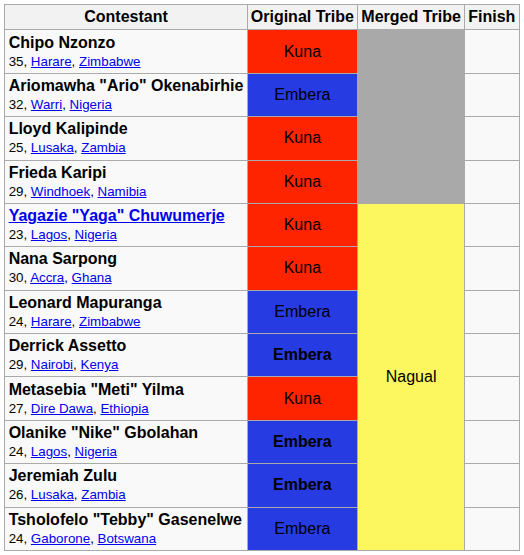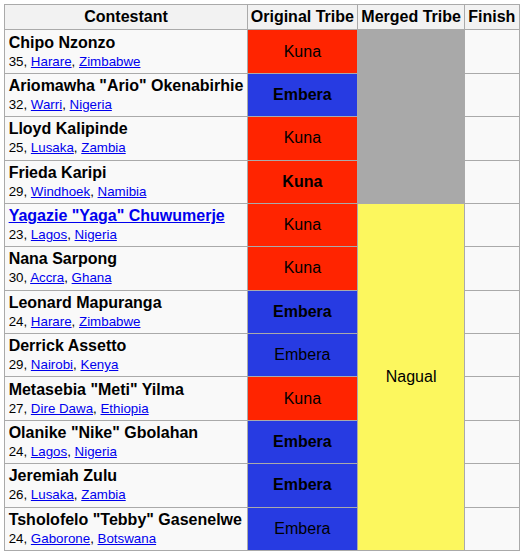 <table class="wikitable sortable" style="margin:auto; text-align:center">
 <tr>
 <th>Contestant</th>
 <th>Original Tribe</th>
 <th>Merged Tribe</th>
 <th>Finish</th>
 </tr>
 <tr>
 <td align="left"><strong>Chipo Nzonzo</strong><br><small>35, <a href='#'>Harare</a>, <a href='#'>Zimbabwe</a></small></td>
 <td bgcolor="#FF2400" align=center><span>Kuna</span></td>
 <td rowspan="4" bgcolor="darkgray"></td>
 <td></td>
 </tr>
 <tr>
 <td align="left"><strong>Ariomawha "Ario" Okenabirhie</strong><br><small>32, <a href='#'>Warri</a>, <a href='#'>Nigeria</a></small></td>
-<td bgcolor="#273BE2" align=center><span>Embera</span></td>
+<td bgcolor="#273BE2" align=center><strong><span>Embera</span></strong></td>
 <td></td>
 </tr>
 <tr>
 <td align="left"><strong>Lloyd Kalipinde</strong><br><small>25, <a href='#'>Lusaka</a>, <a href='#'>Zambia</a></small></td>
 <td bgcolor="#FF2400"><span>Kuna</span></td>
 <td></td>
 </tr>
 <tr>
 <td align="left"><strong>Frieda Karipi</strong><br><small>29, <a href='#'>Windhoek</a>, <a href='#'>Namibia</a></small></td>
-<td bgcolor="#FF2400" align=center><span>Kuna</span></td>
+<td bgcolor="#FF2400" align=center><strong><span>Kuna</span></strong></td>
 <td></td>
 </tr>
 <tr>
 <td align="left"><strong><a href='#'>Yagazie "Yaga" Chuwumerje</a></strong><br><small>23, <a href='#'>Lagos</a>, <a href='#'>Nigeria</a></small></td>
 <td bgcolor="#FF2400" align=center><span>Kuna</span></td>
 <td align=center bgcolor="#FCF75E" rowspan=8>Nagual</td>
 <td></td>
 </tr>
 <tr>
 <td align="left"><strong>Nana Sarpong</strong><br><small>30, <a href='#'>Accra</a>, <a href='#'>Ghana</a></small></td>
 <td bgcolor="#FF2400" align=center><span>Kuna</span></td>
 <td></td>
 </tr>
 <tr>
 <td align="left"><strong>Leonard Mapuranga</strong><br><small>24, <a href='#'>Harare</a>, <a href='#'>Zimbabwe</a></small></td>
-<td bgcolor="#273BE2" align=center><span>Embera</span></td>
+<td bgcolor="#273BE2" align=center><strong><span>Embera</span></strong></td>
 <td></td>
 </tr>
 <tr>
 <td align="left"><strong>Derrick Assetto</strong><br><small>29, <a href='#'>Nairobi</a>, <a href='#'>Kenya</a></small></td>
-<td bgcolor="#273BE2"><strong><span>Embera</span></strong></td>
+<td bgcolor="#273BE2"><span>Embera</span></td>
 <td></td>
 </tr>
 <tr>
 <td align="left"><strong>Metasebia "Meti" Yilma</strong><br><small>27, <a href='#'>Dire Dawa</a>, <a href='#'>Ethiopia</a></small></td>
 <td bgcolor="#FF2400" align="center"><span>Kuna</span></td>
 <td></td>
 </tr>
 <tr>
 <td align="left"><strong>Olanike "Nike" Gbolahan</strong><br><small>24, <a href='#'>Lagos</a>, <a href='#'>Nigeria</a></small></td>
 <td bgcolor="#273BE2" align="center"><strong><span>Embera</span></strong></td>
 <td></td>
 </tr>
 <tr>
 <td align="left"><strong>Jeremiah Zulu</strong><br><small>26, <a href='#'>Lusaka</a>, <a href='#'>Zambia</a></small></td>
 <td bgcolor="#273BE2"><strong><span>Embera</span></strong></td>
 <td></td>
 </tr>
 <tr>
 <td align="left"><strong>Tsholofelo "Tebby" Gasenelwe</strong><br><small>24, <a href='#'>Gaborone</a>, <a href='#'>Botswana</a></small></td>
 <td bgcolor="#273BE2"><span>Embera</span></td>
 <td></td>
 </tr>
 </table>
